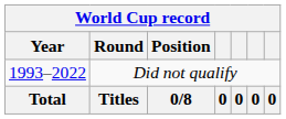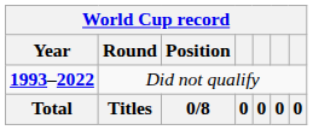 <table class="wikitable" style="text-align: center;">
 <tr>
 <th colspan=10><a href='#'>World Cup record</a></th>
 </tr>
 <tr>
 <th>Year</th>
 <th>Round</th>
 <th>Position</th>
 <th></th>
 <th></th>
 <th></th>
 <th></th>
 </tr>
 <tr>
-<td><a href='#'>1993</a>–<a href='#'>2022</a></td>
+<td><strong><a href='#'>1993</a>–<a href='#'>2022</a></strong></td>
 <td colspan=6><em>Did not qualify</em></td>
 </tr>
 <tr>
 <th colspan=1>Total</th>
 <th>Titles</th>
 <th>0/8</th>
 <th>0</th>
 <th>0</th>
 <th>0</th>
 <th>0</th>
 </tr>
 </table>
